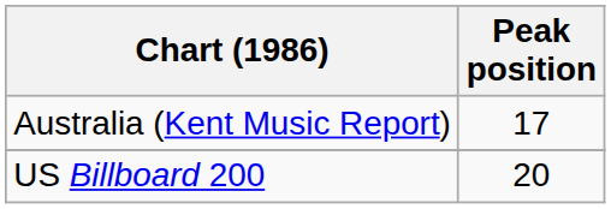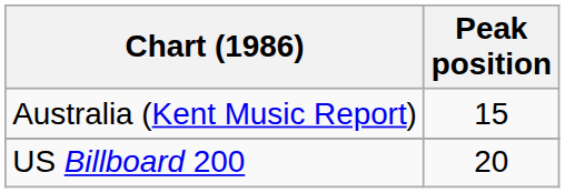 <table class="wikitable">
 <tr>
 <th scope="col">Chart (1986)</th>
 <th scope="col">Peak<br>position</th>
 </tr>
 <tr>
 <td>Australia (<a href='#'>Kent Music Report</a>)</td>
-<td style="text-align:center;">17</td>
+<td style="text-align:center;">15</td>
 </tr>
 <tr>
 </tr>
 <tr>
 </tr>
 <tr>
 </tr>
 <tr>
 <td>US <a href='#'><em>Billboard</em> 200</a></td>
 <td style="text-align:center;">20</td>
 </tr>
 </table>
